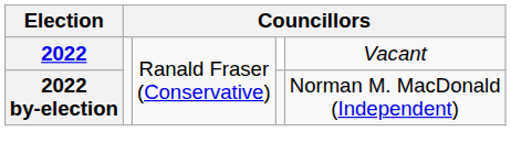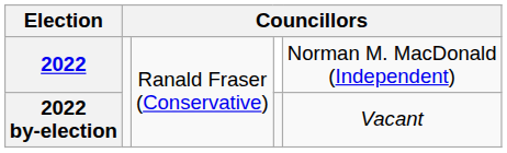 <table class="wikitable" style="text-align:center">
 <tr>
 <th>Election</th>
 <th colspan=4>Councillors</th>
 </tr>
 <tr>
 <th><a href='#'>2022</a></th>
 <td rowspan=2; style="background-color: "></td>
 <td rowspan=2>Ranald Fraser<br>(<a href='#'>Conservative</a>)</td>
 <td style="background-color:white"></td>
-<td><em>Vacant</em></td>
+<td rowspan=1>Norman M. MacDonald<br>(<a href='#'>Independent</a>)</td>
 </tr>
 <tr>
 <th>2022<br>by-election</th>
 <td rowspan=1; style="background-color: "></td>
-<td rowspan=1>Norman M. MacDonald<br>(<a href='#'>Independent</a>)</td>
+<td><em>Vacant</em></td>
 </tr>
 </table>
